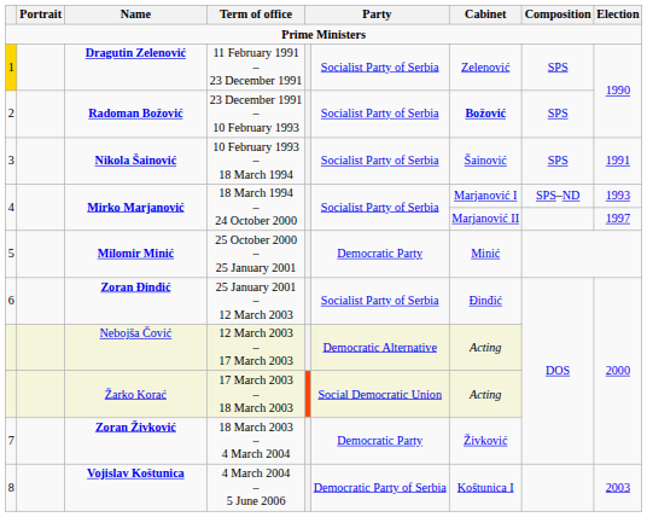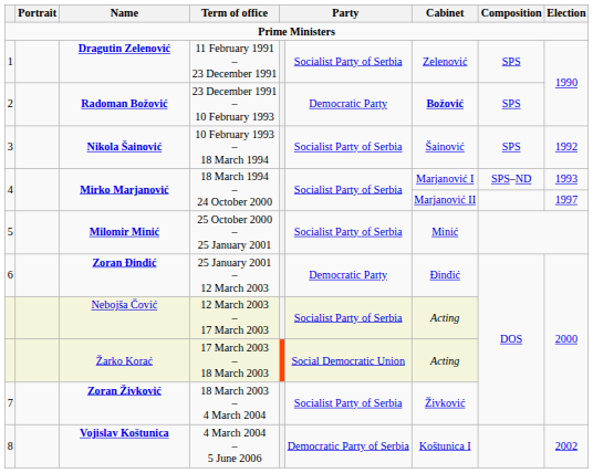 <table class="wikitable" style="text-align:center;">
 <tr>
 <th></th>
 <th>Portrait</th>
 <th width="180px">Name<br></th>
 <th>Term of office</th>
 <th colspan="2">Party</th>
 <th>Cabinet</th>
 <th>Composition</th>
 <th>Election</th>
 </tr>
 <tr>
 <td colspan="9"><strong>Prime Ministers</strong><br></td>
 </tr>
 <tr>
-<td style="background: gold;">1<br></td>
+<td>1<br></td>
 <td></td>
 <td><strong><a href='#'>Dragutin Zelenović</a></strong><br><br><br></td>
 <td>11 February 1991<br>–<br>23 December 1991</td>
 <th style="background: "></th>
 <td><a href='#'>Socialist Party of Serbia</a></td>
 <td><a href='#'>Zelenović</a></td>
 <td><a href='#'>SPS</a></td>
 <td rowspan="2"><a href='#'>1990</a></td>
 </tr>
 <tr>
 <td>2<br></td>
 <td></td>
 <td><strong><a href='#'>Radoman Božović</a></strong><br></td>
 <td>23 December 1991<br>–<br>10 February 1993</td>
 <th style="background: "></th>
-<td><a href='#'>Socialist Party of Serbia</a></td>
+<td><a href='#'>Democratic Party</a><br></td>
 <td><strong><a href='#'>Božović</a></strong></td>
 <td><a href='#'>SPS</a></td>
 </tr>
 <tr>
 <td>3<br></td>
 <td></td>
 <td><strong><a href='#'>Nikola Šainović</a></strong><br></td>
 <td>10 February 1993<br>–<br>18 March 1994</td>
 <th style="background: "></th>
 <td><a href='#'>Socialist Party of Serbia</a></td>
 <td><a href='#'>Šainović</a></td>
 <td><a href='#'>SPS</a><br></td>
-<td><a href='#'>1991</a></td>
+<td><a href='#'>1992</a></td>
 </tr>
 <tr>
 <td rowspan="2">4<br></td>
 <td rowspan="2"></td>
 <td rowspan="2"><strong><a href='#'>Mirko Marjanović</a></strong><br></td>
 <td rowspan="2">18 March 1994<br>–<br>24 October 2000</td>
 <th rowspan="2" style="background: "></th>
 <td rowspan="2"><a href='#'>Socialist Party of Serbia</a></td>
 <td><a href='#'>Marjanović I</a></td>
 <td><a href='#'>SPS</a>–<a href='#'>ND</a></td>
 <td><a href='#'>1993</a></td>
 </tr>
 <tr>
 <td><a href='#'>Marjanović II</a></td>
 <td></td>
 <td><a href='#'>1997</a></td>
 </tr>
 <tr>
 <td>5<br></td>
 <td></td>
 <td><strong><a href='#'>Milomir Minić</a></strong><br></td>
 <td>25 October 2000<br>–<br>25 January 2001</td>
 <th style="background: "></th>
-<td><a href='#'>Democratic Party</a><br></td>
+<td><a href='#'>Socialist Party of Serbia</a></td>
 <td><a href='#'>Minić</a></td>
 <td colspan="2"></td>
 </tr>
 <tr>
 <td>6<br></td>
 <td></td>
 <td><strong><a href='#'>Zoran Đinđić</a></strong><br><br><br></td>
 <td>25 January 2001<br>–<br>12 March 2003<br></td>
 <th style="background: "></th>
-<td><a href='#'>Socialist Party of Serbia</a></td>
+<td><a href='#'>Democratic Party</a><br></td>
 <td><a href='#'>Đinđić</a></td>
 <td rowspan="4"><a href='#'>DOS</a></td>
 <td rowspan="4"><a href='#'>2000</a></td>
 </tr>
 <tr style="background:#F5F5DC;">
 <td style=color:#ccc></td>
 <td></td>
 <td><a href='#'>Nebojša Čović</a><br><br><br></td>
 <td>12 March 2003<br>–<br>17 March 2003</td>
 <th style="background: "></th>
-<td><a href='#'>Democratic Alternative</a><br></td>
+<td><a href='#'>Socialist Party of Serbia</a></td>
 <td><em>Acting</em></td>
 </tr>
 <tr style="background:#F5F5DC;">
 <td style=color:#ccc></td>
 <td></td>
 <td><a href='#'>Žarko Korać</a><br></td>
 <td>17 March 2003<br>–<br>18 March 2003</td>
 <th style="background:Orangered;"></th>
 <td><a href='#'>Social Democratic Union</a><br></td>
 <td><em>Acting</em></td>
 </tr>
 <tr>
 <td>7<br></td>
 <td></td>
 <td><strong><a href='#'>Zoran Živković</a></strong><br><br><br></td>
 <td>18 March 2003<br>–<br>4 March 2004</td>
 <th style="background: "></th>
-<td><a href='#'>Democratic Party</a><br></td>
+<td><a href='#'>Socialist Party of Serbia</a></td>
 <td><a href='#'>Živković</a></td>
 </tr>
 <tr>
 <td>8<br></td>
 <td></td>
 <td><strong><a href='#'>Vojislav Koštunica</a></strong><br><br><br></td>
 <td>4 March 2004<br>–<br>5 June 2006</td>
 <th style="background: "></th>
 <td><a href='#'>Democratic Party of Serbia</a></td>
 <td><a href='#'>Koštunica I</a></td>
 <td></td>
-<td><a href='#'>2003</a></td>
+<td><a href='#'>2002</a></td>
 </tr>
 </table>
